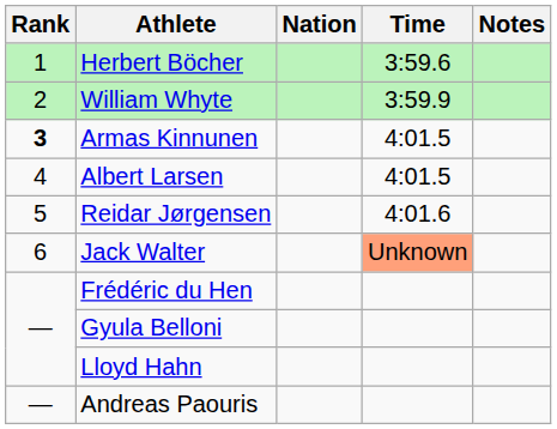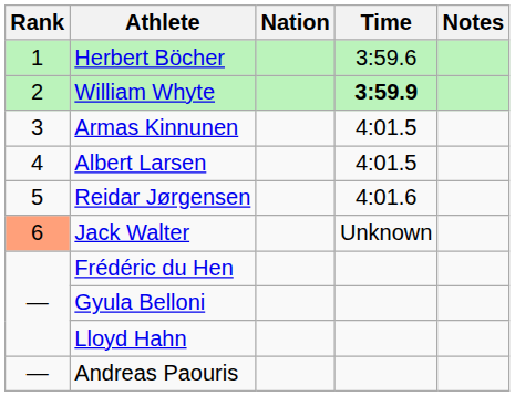 <table class="wikitable sortable" style="text-align:center">
 <tr>
 <th>Rank</th>
 <th>Athlete</th>
 <th>Nation</th>
 <th>Time</th>
 <th>Notes</th>
 </tr>
 <tr bgcolor=bbf3bb>
 <td>1</td>
 <td align=left><a href='#'>Herbert Böcher</a></td>
 <td align=left></td>
 <td>3:59.6</td>
 <td></td>
 </tr>
 <tr bgcolor=bbf3bb>
 <td>2</td>
 <td align=left><a href='#'>William Whyte</a></td>
 <td align=left></td>
-<td>3:59.9</td>
+<td><strong>3:59.9</strong></td>
 <td></td>
 </tr>
 <tr>
-<td><strong>3</strong></td>
+<td>3</td>
 <td align=left><a href='#'>Armas Kinnunen</a></td>
 <td align=left></td>
 <td>4:01.5</td>
 <td></td>
 </tr>
 <tr>
 <td>4</td>
 <td align=left><a href='#'>Albert Larsen</a></td>
 <td align=left></td>
 <td>4:01.5</td>
 <td></td>
 </tr>
 <tr>
 <td>5</td>
 <td align=left><a href='#'>Reidar Jørgensen</a></td>
 <td align=left></td>
 <td>4:01.6</td>
 <td></td>
 </tr>
 <tr>
-<td>6</td>
+<td style="background: lightsalmon;">6</td>
 <td align=left><a href='#'>Jack Walter</a></td>
 <td align=left></td>
-<td data-sort-value=5:00.0 style="background: lightsalmon;">Unknown</td>
+<td data-sort-value=5:00.0>Unknown</td>
 <td></td>
 </tr>
 <tr>
 <td rowspan=3 data-sort-value=7>—</td>
 <td align=left><a href='#'>Frédéric du Hen</a></td>
 <td align=left></td>
 <td data-sort-value=6:00.0></td>
 <td></td>
 </tr>
 <tr>
 <td align=left><a href='#'>Gyula Belloni</a></td>
 <td align=left></td>
 <td data-sort-value=6:00.0></td>
 <td></td>
 </tr>
 <tr>
 <td align=left><a href='#'>Lloyd Hahn</a></td>
 <td align=left></td>
 <td data-sort-value=6:00.0></td>
 <td></td>
 </tr>
 <tr>
 <td data-sort-value=9>—</td>
 <td align=left>Andreas Paouris</td>
 <td align=left></td>
 <td data-sort-value=9:99.9></td>
 <td></td>
 </tr>
 </table>
